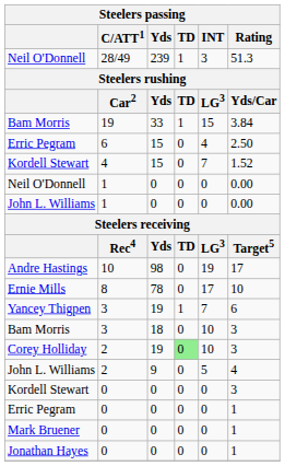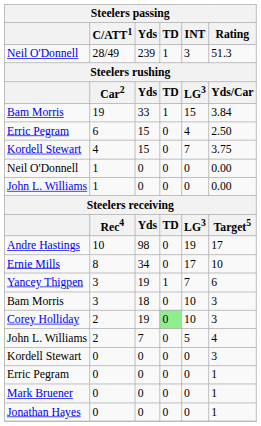 <table class="wikitable">
 <tr>
 <th colspan="6">Steelers passing</th>
 </tr>
 <tr>
 <th></th>
 <th>C/ATT<sup>1</sup></th>
 <th>Yds</th>
 <th>TD</th>
 <th>INT</th>
 <th>Rating</th>
 </tr>
 <tr>
 <td><a href='#'>Neil O'Donnell</a></td>
 <td>28/49</td>
 <td>239</td>
 <td>1</td>
 <td>3</td>
 <td>51.3</td>
 </tr>
 <tr>
 <th colspan="6">Steelers rushing</th>
 </tr>
 <tr>
 <th></th>
 <th>Car<sup>2</sup></th>
 <th>Yds</th>
 <th>TD</th>
 <th>LG<sup>3</sup></th>
 <th>Yds/Car</th>
 </tr>
 <tr>
 <td><a href='#'>Bam Morris</a></td>
 <td>19</td>
 <td>33</td>
 <td>1</td>
 <td>15</td>
 <td>3.84</td>
 </tr>
 <tr>
 <td><a href='#'>Erric Pegram</a></td>
 <td>6</td>
 <td>15</td>
 <td>0</td>
 <td>4</td>
 <td>2.50</td>
 </tr>
 <tr>
 <td><a href='#'>Kordell Stewart</a></td>
 <td>4</td>
 <td>15</td>
 <td>0</td>
 <td>7</td>
-<td>1.52</td>
+<td>3.75</td>
 </tr>
 <tr>
 <td>Neil O'Donnell</td>
 <td>1</td>
 <td>0</td>
 <td>0</td>
 <td>0</td>
 <td>0.00</td>
 </tr>
 <tr>
 <td><a href='#'>John L. Williams</a></td>
 <td>1</td>
 <td>0</td>
 <td>0</td>
 <td>0</td>
 <td>0.00</td>
 </tr>
 <tr>
 <th colspan="6">Steelers receiving</th>
 </tr>
 <tr>
 <th></th>
 <th>Rec<sup>4</sup></th>
 <th>Yds</th>
 <th>TD</th>
 <th>LG<sup>3</sup></th>
 <th>Target<sup>5</sup></th>
 </tr>
 <tr>
 <td><a href='#'>Andre Hastings</a></td>
 <td>10</td>
 <td>98</td>
 <td>0</td>
 <td>19</td>
 <td>17</td>
 </tr>
 <tr>
 <td><a href='#'>Ernie Mills</a></td>
 <td>8</td>
-<td>78</td>
+<td>34</td>
 <td>0</td>
 <td>17</td>
 <td>10</td>
 </tr>
 <tr>
 <td><a href='#'>Yancey Thigpen</a></td>
 <td>3</td>
 <td>19</td>
 <td>1</td>
 <td>7</td>
 <td>6</td>
 </tr>
 <tr>
 <td>Bam Morris</td>
 <td>3</td>
 <td>18</td>
 <td>0</td>
 <td>10</td>
 <td>3</td>
 </tr>
 <tr>
 <td><a href='#'>Corey Holliday</a></td>
 <td>2</td>
 <td>19</td>
 <td style="background: lightgreen;">0</td>
 <td>10</td>
 <td>3</td>
 </tr>
 <tr>
 <td>John L. Williams</td>
 <td>2</td>
-<td>9</td>
+<td>7</td>
 <td>0</td>
 <td>5</td>
 <td>4</td>
 </tr>
 <tr>
 <td>Kordell Stewart</td>
 <td>0</td>
 <td>0</td>
 <td>0</td>
 <td>0</td>
 <td>3</td>
 </tr>
 <tr>
 <td>Erric Pegram</td>
 <td>0</td>
 <td>0</td>
 <td>0</td>
 <td>0</td>
 <td>1</td>
 </tr>
 <tr>
 <td><a href='#'>Mark Bruener</a></td>
 <td>0</td>
 <td>0</td>
 <td>0</td>
 <td>0</td>
 <td>1</td>
 </tr>
 <tr>
 <td><a href='#'>Jonathan Hayes</a></td>
 <td>0</td>
 <td>0</td>
 <td>0</td>
 <td>0</td>
 <td>1</td>
 </tr>
 <tr>
 </tr>
 </table>
